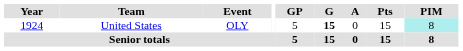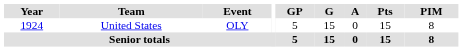 <table border="0" cellpadding="1" cellspacing="0" ID="Table3" style="text-align:center; width:40em">
 <tr bgcolor="#e0e0e0">
 <th>Year</th>
 <th>Team</th>
 <th>Event</th>
 <th rowspan="102" bgcolor="#ffffff"></th>
 <th>GP</th>
 <th>G</th>
 <th>A</th>
 <th>Pts</th>
 <th>PIM</th>
 </tr>
 <tr>
 <td><a href='#'>1924</a></td>
 <td><a href='#'>United States</a></td>
 <td><a href='#'>OLY</a></td>
 <td>5</td>
-<td><strong>15</strong></td>
+<td>15</td>
 <td>0</td>
 <td>15</td>
-<td style="background: paleturquoise;">8</td>
+<td>8</td>
 </tr>
 <tr bgcolor="#e0e0e0">
 <th colspan="4">Senior totals</th>
 <th>5</th>
 <th>15</th>
 <th>0</th>
 <th>15</th>
 <th>8</th>
 </tr>
 </table>
